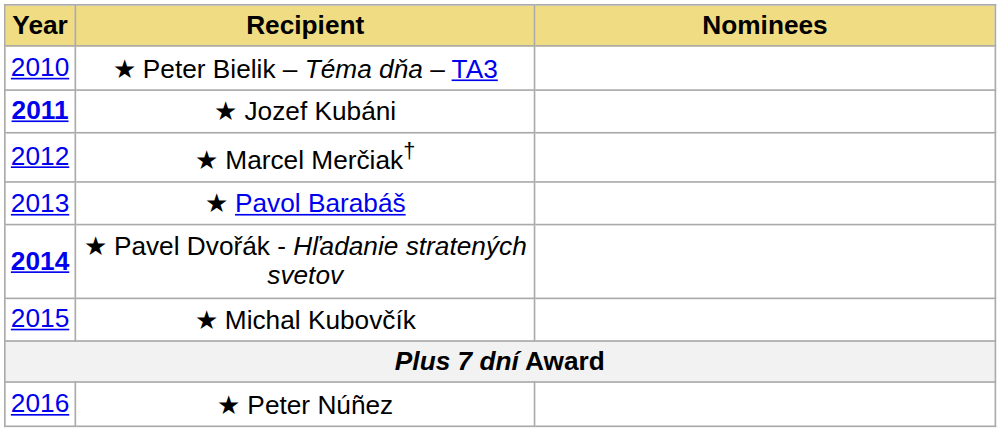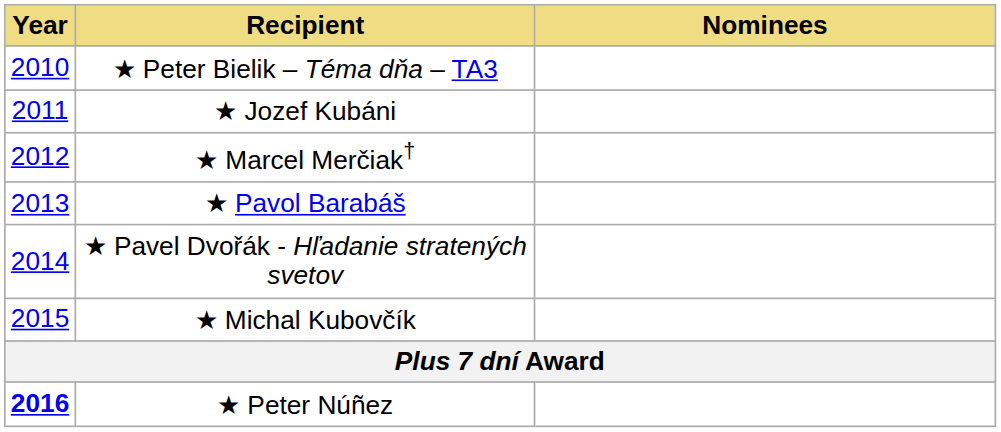 <table class=wikitable sortable style="background:white; text-align:center">
 <tr>
 <th style=background:#F0DC82>Year</th>
 <th style=background:#F0DC82 width=273>Recipient</th>
 <th style=background:#F0DC82 width=273>Nominees</th>
 </tr>
 <tr>
 <td><a href='#'>2010</a></td>
 <td>★ Peter Bielik – <em>Téma dňa</em> – <a href='#'>TA3</a></td>
 <td></td>
 </tr>
 <tr>
-<td><strong><a href='#'>2011</a></strong></td>
+<td><a href='#'>2011</a></td>
 <td>★ Jozef Kubáni</td>
 <td></td>
 </tr>
 <tr>
 <td><a href='#'>2012</a></td>
 <td>★ Marcel Merčiak<sup>†</sup></td>
 <td></td>
 </tr>
 <tr>
 <td><a href='#'>2013</a></td>
 <td>★ <a href='#'>Pavol Barabáš</a></td>
 <td></td>
 </tr>
 <tr>
-<td><strong><a href='#'>2014</a></strong></td>
+<td><a href='#'>2014</a></td>
 <td>★ Pavel Dvořák - <em>Hľadanie stratených svetov</em></td>
 <td></td>
 </tr>
 <tr>
 <td><a href='#'>2015</a></td>
 <td>★ Michal Kubovčík</td>
 <td></td>
 </tr>
 <tr>
 <th colspan=3><em>Plus 7 dní</em> Award</th>
 </tr>
 <tr>
-<td><a href='#'>2016</a></td>
+<td><strong><a href='#'>2016</a></strong></td>
 <td>★ Peter Núñez</td>
 <td></td>
 </tr>
 </table>
